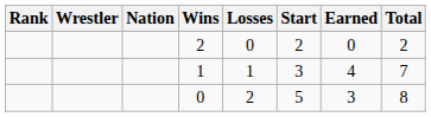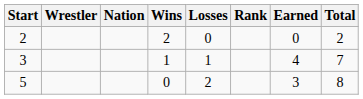 <table class="wikitable sortable" style="text-align:center;">
 <tr>
-<th>Rank</th>
+<th>Start</th>
 <th>Wrestler</th>
 <th>Nation</th>
 <th>Wins</th>
 <th>Losses</th>
-<th>Start</th>
+<th>Rank</th>
 <th>Earned</th>
 <th>Total</th>
 </tr>
 <tr>
-<td></td>
+<td>2</td>
 <td align=left></td>
 <td align=left></td>
 <td>2</td>
 <td>0</td>
-<td>2</td>
+<td></td>
 <td>0</td>
 <td>2</td>
 </tr>
 <tr>
-<td></td>
+<td>3</td>
 <td align=left></td>
 <td align=left></td>
 <td>1</td>
 <td>1</td>
-<td>3</td>
+<td></td>
 <td>4</td>
 <td>7</td>
 </tr>
 <tr>
-<td></td>
+<td>5</td>
 <td align=left></td>
 <td align=left></td>
 <td>0</td>
 <td>2</td>
-<td>5</td>
+<td></td>
 <td>3</td>
 <td>8</td>
 </tr>
 </table>
